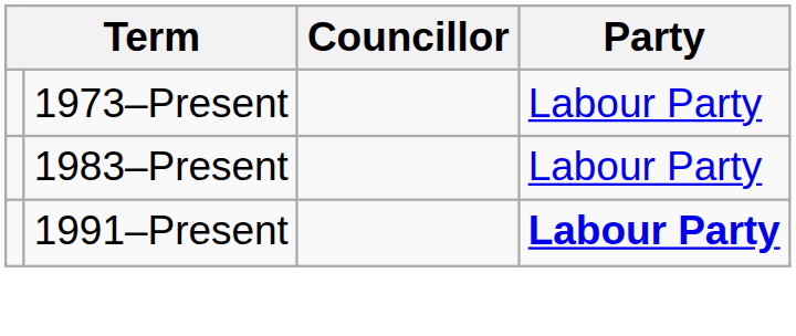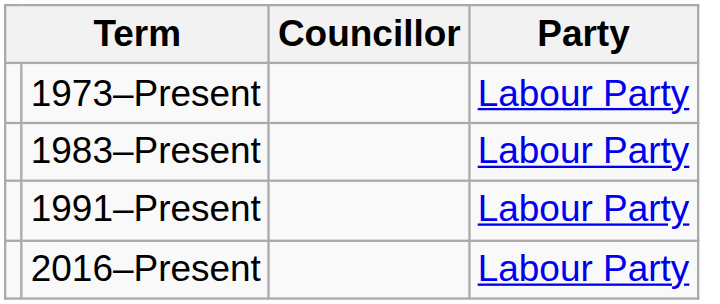 <table class="wikitable">
 <tr>
 <th colspan=2>Term</th>
 <th>Councillor</th>
 <th>Party</th>
 </tr>
 <tr>
 <td style="background-color: "></td>
 <td>1973–Present</td>
 <td></td>
 <td><a href='#'>Labour Party</a></td>
 </tr>
 <tr>
 <td style="background-color: "></td>
 <td>1983–Present</td>
 <td></td>
 <td><a href='#'>Labour Party</a></td>
 </tr>
 <tr>
 <td style="background-color: "></td>
 <td>1991–Present</td>
 <td></td>
-<td><strong><a href='#'>Labour Party</a></strong></td>
+<td><a href='#'>Labour Party</a></td>
+</tr>
+<tr>
+<td style="background-color: "></td>
+<td>2016–Present</td>
+<td></td>
+<td><a href='#'>Labour Party</a></td>
 </tr>
 </table>
